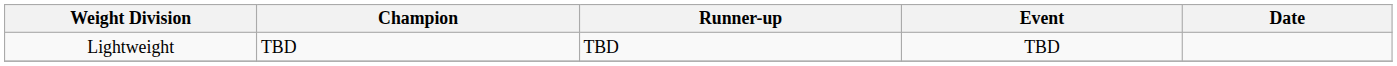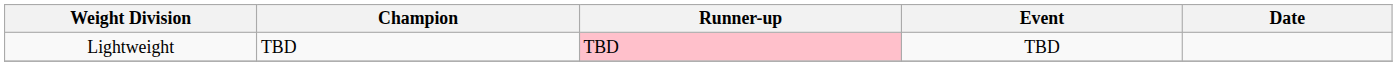 <table class="wikitable" width="99%" style="text-align:center;">
 <tr>
 <th width="18%">Weight Division</th>
 <th width="23%">Champion</th>
 <th width="23%">Runner-up</th>
 <th width="20%">Event</th>
 <th width="15%">Date</th>
 </tr>
 <tr>
 <td>Lightweight</td>
 <td align=left>TBD</td>
-<td align=left>TBD</td>
+<td align=left style="background: pink;">TBD</td>
 <td>TBD</td>
 <td></td>
 </tr>
 <tr>
 </tr>
 </table>
